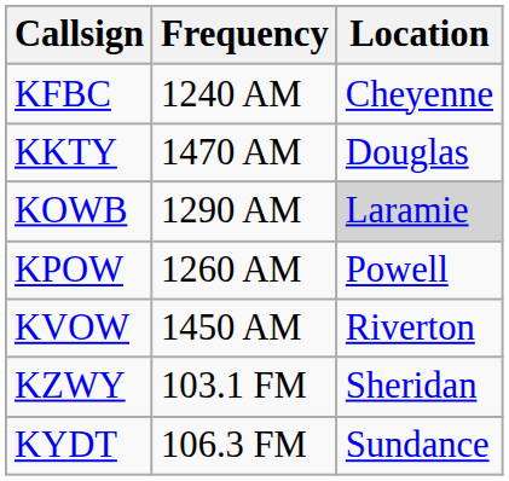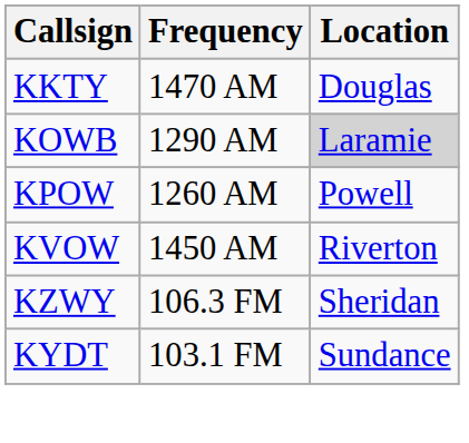 <table class="wikitable">
 <tr>
 <th>Callsign</th>
 <th>Frequency</th>
 <th>Location</th>
-</tr>
-<tr>
-<td><a href='#'>KFBC</a></td>
-<td>1240 AM</td>
-<td><a href='#'>Cheyenne</a></td>
 </tr>
 <tr>
 <td><a href='#'>KKTY</a></td>
 <td>1470 AM</td>
 <td><a href='#'>Douglas</a></td>
 </tr>
 <tr>
 <td><a href='#'>KOWB</a></td>
 <td>1290 AM</td>
 <td style="background: lightgrey;"><a href='#'>Laramie</a></td>
 </tr>
 <tr>
 <td><a href='#'>KPOW</a></td>
 <td>1260 AM</td>
 <td><a href='#'>Powell</a></td>
 </tr>
 <tr>
 <td><a href='#'>KVOW</a></td>
 <td>1450 AM</td>
 <td><a href='#'>Riverton</a></td>
 </tr>
 <tr>
 <td><a href='#'>KZWY</a></td>
-<td>103.1 FM</td>
+<td>106.3 FM</td>
 <td><a href='#'>Sheridan</a></td>
 </tr>
 <tr>
 <td><a href='#'>KYDT</a></td>
-<td>106.3 FM</td>
+<td>103.1 FM</td>
 <td><a href='#'>Sundance</a></td>
 </tr>
 </table>
